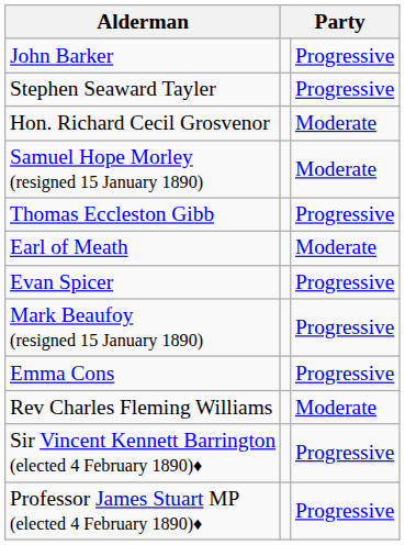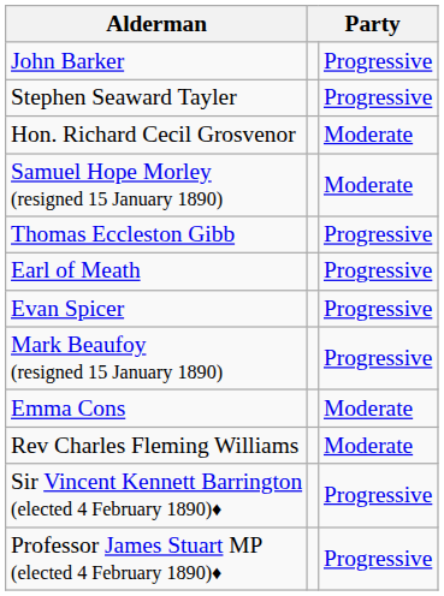 <table class="wikitable">
 <tr>
 <th>Alderman</th>
 <th colspan=2!>Party</th>
 </tr>
 <tr>
 <td><a href='#'>John Barker</a></td>
 <td style="background-color: "></td>
 <td><a href='#'>Progressive</a></td>
 </tr>
 <tr>
 <td>Stephen Seaward Tayler</td>
 <td style="background-color: "></td>
 <td><a href='#'>Progressive</a></td>
 </tr>
 <tr>
 <td>Hon. Richard Cecil Grosvenor</td>
 <td style="background-color: "></td>
 <td><a href='#'>Moderate</a></td>
 </tr>
 <tr>
 <td><a href='#'>Samuel Hope Morley</a><small><br>(resigned 15 January 1890)</small></td>
 <td style="background-color: "></td>
 <td><a href='#'>Moderate</a></td>
 </tr>
 <tr>
 <td><a href='#'>Thomas Eccleston Gibb</a></td>
 <td style="background-color: "></td>
 <td><a href='#'>Progressive</a></td>
 </tr>
 <tr>
 <td><a href='#'>Earl of Meath</a></td>
 <td style="background-color: "></td>
-<td><a href='#'>Moderate</a></td>
+<td><a href='#'>Progressive</a></td>
 </tr>
 <tr>
 <td><a href='#'>Evan Spicer</a></td>
 <td style="background-color: "></td>
 <td><a href='#'>Progressive</a></td>
 </tr>
 <tr>
 <td><a href='#'>Mark Beaufoy</a><small><br>(resigned 15 January 1890)</small></td>
 <td style="background-color: "></td>
 <td><a href='#'>Progressive</a></td>
 </tr>
 <tr>
 <td><a href='#'>Emma Cons</a></td>
 <td style="background-color: "></td>
-<td><a href='#'>Progressive</a></td>
+<td><a href='#'>Moderate</a></td>
 </tr>
 <tr>
 <td>Rev Charles Fleming Williams</td>
 <td style="background-color: "></td>
 <td><a href='#'>Moderate</a></td>
 </tr>
 <tr>
 <td>Sir <a href='#'>Vincent Kennett Barrington</a><small><br>(elected 4 February 1890)♦</small></td>
 <td style="background-color: "></td>
 <td><a href='#'>Progressive</a></td>
 </tr>
 <tr>
 <td>Professor <a href='#'>James Stuart</a> MP<small><br>(elected 4 February 1890)♦</small></td>
 <td style="background-color: "></td>
 <td><a href='#'>Progressive</a></td>
 </tr>
 </table>
